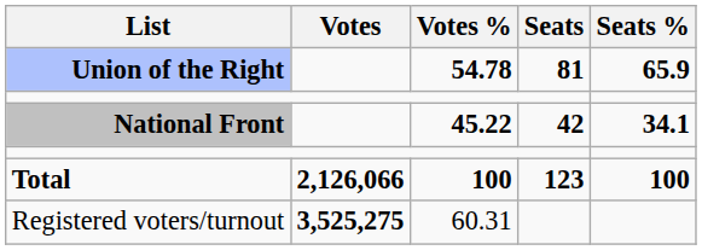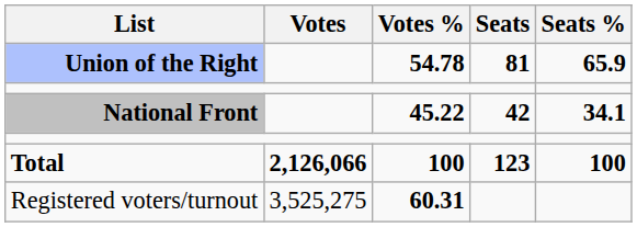 <table class=wikitable style=text-align:right>
 <tr>
 <th colspan=2>List</th>
 <th>Votes</th>
 <th>Votes %</th>
 <th>Seats</th>
 <th>Seats %</th>
 </tr>
 <tr>
 <td colspan=2 style="background-color:#ADC1FD"><strong>Union of the Right</strong></td>
 <td style="text-align: right" style="background-color:#ADC1FD"><strong></strong></td>
 <td style="text-align: right" style="background-color:#ADC1FD"><strong>54.78</strong></td>
 <td style="text-align: right" style="background-color:#ADC1FD"><strong>81</strong></td>
 <td style="text-align: right" style="background-color:#ADC1FD"><strong>65.9</strong></td>
 </tr>
 <tr>
 <td colspan=5></td>
 </tr>
 <tr>
 <td colspan=2 style="background-color:#C0C0C0"><strong>National Front</strong></td>
 <td style="text-align: right" style="background-color:#C0C0C0"><strong></strong></td>
 <td style="text-align: right" style="background-color:#C0C0C0"><strong>45.22</strong></td>
 <td style="text-align: right" style="background-color:#C0C0C0"><strong>42</strong></td>
 <td style="text-align: right" style="background-color:#C0C0C0"><strong>34.1</strong></td>
 </tr>
 <tr>
 <td colspan=5></td>
 </tr>
 <tr>
 <td colspan=2 align=left><strong>Total</strong></td>
 <td><strong>2,126,066</strong></td>
 <td><strong>100</strong></td>
 <td><strong>123</strong></td>
 <td><strong>100</strong></td>
 </tr>
 <tr>
 <td colspan=2 align=left>Registered voters/turnout</td>
-<td><strong>3,525,275</strong></td>
-<td>60.31</td>
+<td>3,525,275</td>
+<td><strong>60.31</strong></td>
 <td></td>
 <td></td>
 </tr>
 </table>
